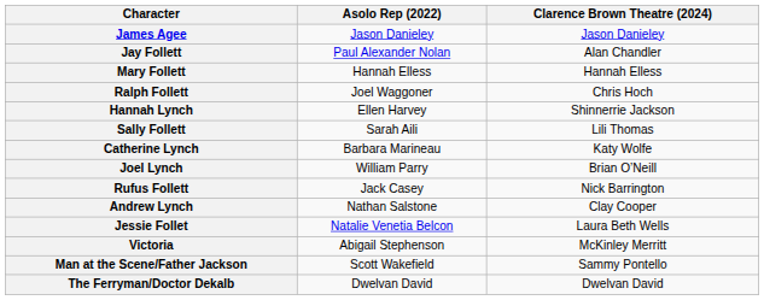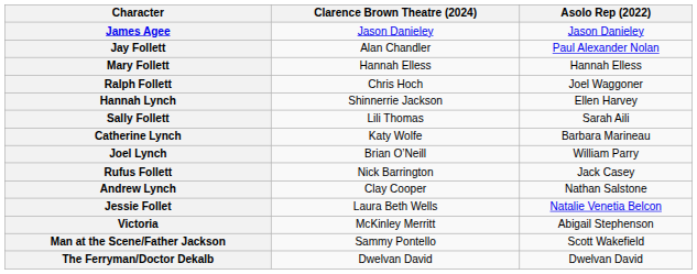 <table class="wikitable" style="width:50%; text-align:center">
 <tr>
 <th scope="col">Character</th>
+<th>Clarence Brown Theatre (2024)</th>
 <th>Asolo Rep (2022)</th>
-<th>Clarence Brown Theatre (2024)</th>
 </tr>
 <tr>
 <th><a href='#'>James Agee</a></th>
+<td><a href='#'>Jason Danieley</a></td>
 <td colspan="1”"><a href='#'>Jason Danieley</a></td>
-<td><a href='#'>Jason Danieley</a></td>
 </tr>
 <tr>
 <th>Jay Follett</th>
+<td>Alan Chandler</td>
 <td colspan="1"><a href='#'>Paul Alexander Nolan</a></td>
-<td>Alan Chandler</td>
 </tr>
 <tr>
 <th>Mary Follett</th>
+<td>Hannah Elless</td>
 <td colspan="1">Hannah Elless</td>
-<td>Hannah Elless</td>
 </tr>
 <tr>
 <th>Ralph Follett</th>
+<td>Chris Hoch</td>
 <td colspan="1”">Joel Waggoner</td>
-<td>Chris Hoch</td>
 </tr>
 <tr>
 <th>Hannah Lynch</th>
+<td>Shinnerrie Jackson</td>
 <td colspan="1">Ellen Harvey</td>
-<td>Shinnerrie Jackson</td>
 </tr>
 <tr>
 <th>Sally Follett</th>
+<td>Lili Thomas</td>
 <td colspan="1">Sarah Aili</td>
-<td>Lili Thomas</td>
 </tr>
 <tr>
 <th>Catherine Lynch</th>
+<td>Katy Wolfe</td>
 <td colspan="1">Barbara Marineau</td>
-<td>Katy Wolfe</td>
 </tr>
 <tr>
 <th>Joel Lynch</th>
+<td>Brian O’Neill</td>
 <td colspan="1">William Parry</td>
-<td>Brian O’Neill</td>
 </tr>
 <tr>
 <th>Rufus Follett</th>
+<td>Nick Barrington</td>
 <td colspan="1">Jack Casey</td>
-<td>Nick Barrington</td>
 </tr>
 <tr>
 <th>Andrew Lynch</th>
+<td>Clay Cooper</td>
 <td colspan="1">Nathan Salstone</td>
-<td>Clay Cooper</td>
 </tr>
 <tr>
 <th>Jessie Follet</th>
+<td>Laura Beth Wells</td>
 <td colspan="1"><a href='#'>Natalie Venetia Belcon</a></td>
-<td>Laura Beth Wells</td>
 </tr>
 <tr>
 <th>Victoria</th>
+<td>McKinley Merritt</td>
 <td colspan="1">Abigail Stephenson</td>
-<td>McKinley Merritt</td>
 </tr>
 <tr>
 <th>Man at the Scene/Father Jackson</th>
+<td>Sammy Pontello</td>
 <td colspan="1">Scott Wakefield</td>
-<td>Sammy Pontello</td>
 </tr>
 <tr>
 <th>The Ferryman/Doctor Dekalb</th>
+<td>Dwelvan David</td>
 <td colspan="1">Dwelvan David</td>
-<td>Dwelvan David</td>
 </tr>
 </table>
